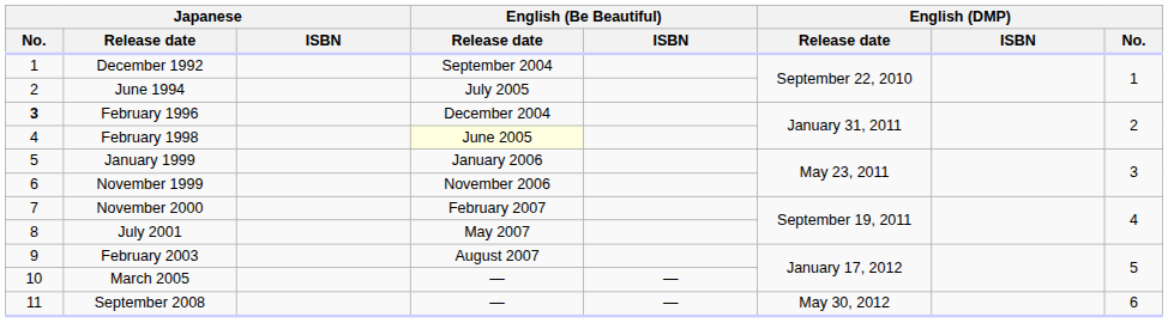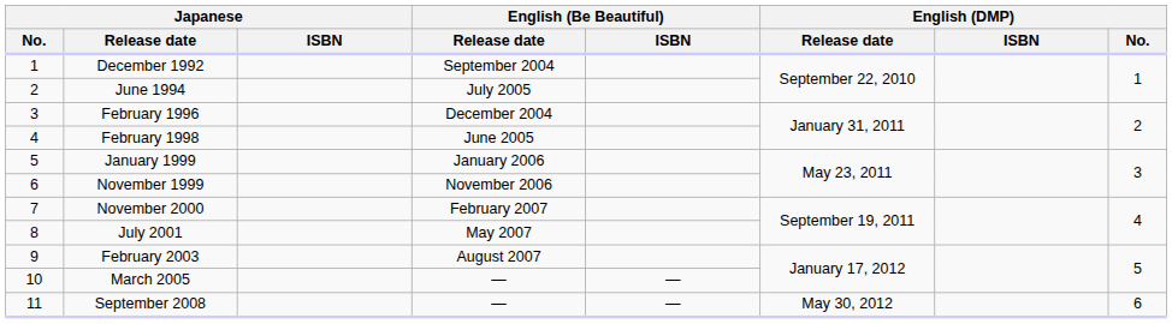 <table class="wikitable" style="width: 98%; margin: auto; clear: both;">
 <tr>
 <th colspan="3">Japanese</th>
 <th colspan="2">English (Be Beautiful)</th>
 <th colspan="3">English (DMP)</th>
 </tr>
 <tr style="border-bottom:3px solid #CCF">
 <th width="5%">No.</th>
 <th width="15%">Release date</th>
 <th width="15%">ISBN</th>
 <th width="15%">Release date</th>
 <th width="15%">ISBN</th>
 <th width="15%">Release date</th>
 <th width="15%">ISBN</th>
 <th width="5%">No.</th>
 </tr>
 <tr style="text-align: center">
 <td>1</td>
 <td>December 1992</td>
 <td></td>
 <td>September 2004</td>
 <td></td>
 <td rowspan="2">September 22, 2010</td>
 <td rowspan="2"></td>
 <td rowspan="2">1</td>
 </tr>
 <tr style="text-align: center">
 <td>2</td>
 <td>June 1994</td>
 <td></td>
 <td>July 2005</td>
 <td><br></td>
 </tr>
 <tr style="text-align: center">
-<td><strong>3</strong></td>
+<td>3</td>
 <td>February 1996</td>
 <td></td>
 <td>December 2004</td>
 <td></td>
 <td rowspan="2">January 31, 2011</td>
 <td rowspan="2"></td>
 <td rowspan="2">2</td>
 </tr>
 <tr style="text-align: center">
 <td>4</td>
 <td>February 1998</td>
 <td></td>
-<td style="background: lightyellow;">June 2005</td>
+<td>June 2005</td>
 <td></td>
 </tr>
 <tr style="text-align: center">
 <td>5</td>
 <td>January 1999</td>
 <td></td>
 <td>January 2006</td>
 <td></td>
 <td rowspan="2">May 23, 2011</td>
 <td rowspan="2"></td>
 <td rowspan="2">3</td>
 </tr>
 <tr style="text-align: center">
 <td>6</td>
 <td>November 1999</td>
 <td></td>
 <td>November 2006</td>
 <td></td>
 </tr>
 <tr style="text-align: center">
 <td>7</td>
 <td>November 2000</td>
 <td></td>
 <td>February 2007</td>
 <td></td>
 <td rowspan="2">September 19, 2011</td>
 <td rowspan="2"></td>
 <td rowspan="2">4</td>
 </tr>
 <tr style="text-align: center">
 <td>8</td>
 <td>July 2001</td>
 <td></td>
 <td>May 2007</td>
 <td></td>
 </tr>
 <tr style="text-align: center">
 <td>9</td>
 <td>February 2003</td>
 <td></td>
 <td>August 2007</td>
 <td></td>
 <td rowspan="2">January 17, 2012</td>
 <td rowspan="2"></td>
 <td rowspan="2">5</td>
 </tr>
 <tr style="text-align: center">
 <td>10</td>
 <td>March 2005</td>
 <td></td>
 <td>—</td>
 <td>—</td>
 </tr>
 <tr style="text-align: center; border-bottom:3px solid #CCF">
 <td>11</td>
 <td>September 2008</td>
 <td></td>
 <td>—</td>
 <td>—</td>
 <td>May 30, 2012</td>
 <td></td>
 <td>6</td>
 </tr>
 </table>
